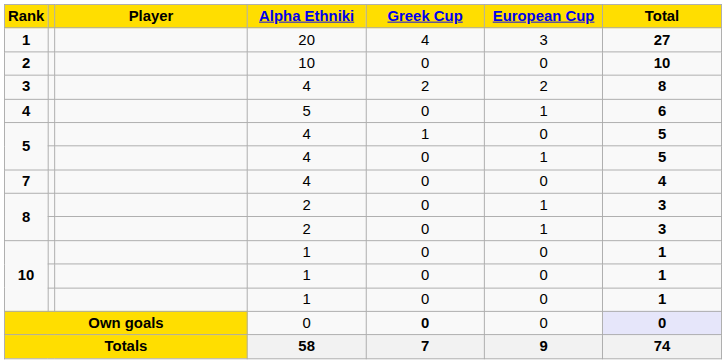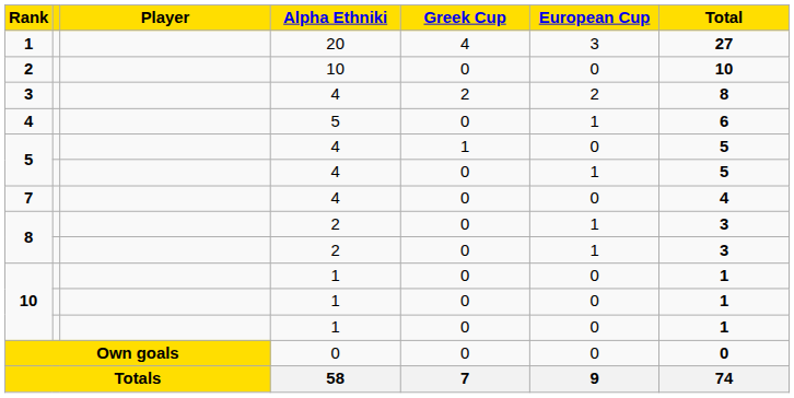 <table class="wikitable sortable" style="text-align: center">
 <tr>
 <th style="background:#FFDE00">Rank</th>
 <th style="background:#FFDE00"></th>
 <th width=200 style="background:#FFDE00">Player</th>
 <th width=120 style="background:#FFDE00"><a href='#'>Alpha Ethniki</a></th>
 <th width=120 style="background:#FFDE00"><a href='#'>Greek Cup</a></th>
 <th width=120 style="background:#FFDE00"><a href='#'>European Cup</a></th>
 <th width=120 style="background:#FFDE00">Total</th>
 </tr>
 <tr>
 <td><strong>1</strong></td>
 <td></td>
 <td align=left></td>
 <td>20</td>
 <td>4</td>
 <td>3</td>
 <td><strong>27</strong></td>
 </tr>
 <tr>
 <td><strong>2</strong></td>
 <td></td>
 <td align=left></td>
 <td>10</td>
 <td>0</td>
 <td>0</td>
 <td><strong>10</strong></td>
 </tr>
 <tr>
 <td><strong>3</strong></td>
 <td></td>
 <td align=left></td>
 <td>4</td>
 <td>2</td>
 <td>2</td>
 <td><strong>8</strong></td>
 </tr>
 <tr>
 <td><strong>4</strong></td>
 <td></td>
 <td align=left></td>
 <td>5</td>
 <td>0</td>
 <td>1</td>
 <td><strong>6</strong></td>
 </tr>
 <tr>
 <td rowspan=2><strong>5</strong></td>
 <td></td>
 <td align=left></td>
 <td>4</td>
 <td>1</td>
 <td>0</td>
 <td><strong>5</strong></td>
 </tr>
 <tr>
 <td></td>
 <td align=left></td>
 <td>4</td>
 <td>0</td>
 <td>1</td>
 <td><strong>5</strong></td>
 </tr>
 <tr>
 <td><strong>7</strong></td>
 <td></td>
 <td align=left></td>
 <td>4</td>
 <td>0</td>
 <td>0</td>
 <td><strong>4</strong></td>
 </tr>
 <tr>
 <td rowspan=2><strong>8</strong></td>
 <td></td>
 <td align=left></td>
 <td>2</td>
 <td>0</td>
 <td>1</td>
 <td><strong>3</strong></td>
 </tr>
 <tr>
 <td></td>
 <td align=left></td>
 <td>2</td>
 <td>0</td>
 <td>1</td>
 <td><strong>3</strong></td>
 </tr>
 <tr>
 <td rowspan=3><strong>10</strong></td>
 <td></td>
 <td align=left></td>
 <td>1</td>
 <td>0</td>
 <td>0</td>
 <td><strong>1</strong></td>
 </tr>
 <tr>
 <td></td>
 <td align=left></td>
 <td>1</td>
 <td>0</td>
 <td>0</td>
 <td><strong>1</strong></td>
 </tr>
 <tr>
 <td></td>
 <td align=left></td>
 <td>1</td>
 <td>0</td>
 <td>0</td>
 <td><strong>1</strong></td>
 </tr>
 <tr class="sortbottom">
 <td colspan=3 style="background:#FFDE00"><strong>Own goals</strong></td>
 <td>0</td>
+<td>0</td>
+<td>0</td>
 <td><strong>0</strong></td>
-<td>0</td>
-<td style="background: lavender;"><strong>0</strong></td>
 </tr>
 <tr class="sortbottom">
 <th colspan=3 style="background:#FFDE00"><strong>Totals</strong></th>
 <th><strong>58</strong></th>
 <th><strong> 7</strong></th>
 <th><strong> 9</strong></th>
 <th><strong>74</strong></th>
 </tr>
 </table>
